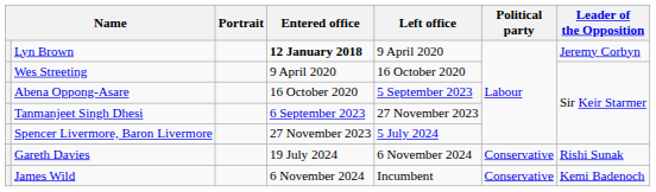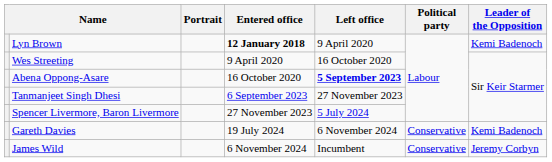 <table class="wikitable">
 <tr>
 <th colspan="2">Name</th>
 <th width="50">Portrait</th>
 <th>Entered office</th>
 <th>Left office</th>
 <th width="50">Political party</th>
 <th><a href='#'>Leader of</a><br><a href='#'>the Opposition</a></th>
 </tr>
 <tr>
 <th style="background-color: "></th>
 <td><a href='#'>Lyn Brown</a></td>
 <td></td>
 <td><strong>12 January 2018</strong></td>
 <td>9 April 2020</td>
 <td rowspan="5"><a href='#'>Labour</a></td>
-<td><a href='#'>Jeremy Corbyn</a></td>
+<td><a href='#'>Kemi Badenoch</a></td>
 </tr>
 <tr>
 <th style="background-color: "></th>
 <td><a href='#'>Wes Streeting</a></td>
 <td></td>
 <td>9 April 2020</td>
 <td>16 October 2020</td>
 <td rowspan="4">Sir <a href='#'>Keir Starmer</a></td>
 </tr>
 <tr>
 <th style="background-color: "></th>
 <td><a href='#'>Abena Oppong-Asare</a></td>
 <td></td>
 <td>16 October 2020</td>
-<td><a href='#'>5 September 2023</a></td>
+<td><strong><a href='#'>5 September 2023</a></strong></td>
 </tr>
 <tr>
 <th style="background-color: "></th>
 <td><a href='#'>Tanmanjeet Singh Dhesi</a></td>
 <td></td>
 <td><a href='#'>6 September 2023</a></td>
 <td>27 November 2023</td>
 </tr>
 <tr>
 <th style="background-color: "></th>
 <td><a href='#'>Spencer Livermore, Baron Livermore</a></td>
 <td></td>
 <td>27 November 2023</td>
 <td><a href='#'>5 July 2024</a></td>
 </tr>
 <tr>
 <th style="background-color: "></th>
 <td><a href='#'>Gareth Davies</a></td>
 <td></td>
 <td>19 July 2024</td>
 <td>6 November 2024</td>
 <td><a href='#'>Conservative</a></td>
-<td><a href='#'>Rishi Sunak</a></td>
+<td><a href='#'>Kemi Badenoch</a></td>
 </tr>
 <tr>
 <th style="background-color: "></th>
 <td><a href='#'>James Wild</a></td>
 <td></td>
 <td>6 November 2024</td>
 <td>Incumbent</td>
 <td><a href='#'>Conservative</a></td>
-<td><a href='#'>Kemi Badenoch</a></td>
+<td><a href='#'>Jeremy Corbyn</a></td>
 </tr>
 </table>
